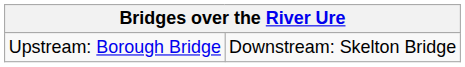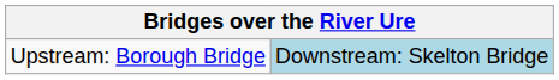 <table class="wikitable">
 <tr>
 <th colspan=2>Bridges over the <a href='#'>River Ure</a></th>
 </tr>
 <tr>
 <td>Upstream: <a href='#'>Borough Bridge</a></td>
-<td>Downstream: Skelton Bridge</td>
+<td style="background: lightblue;">Downstream: Skelton Bridge</td>
 </tr>
 </table>
